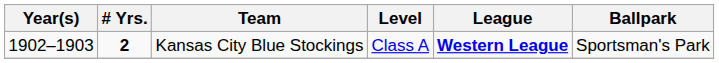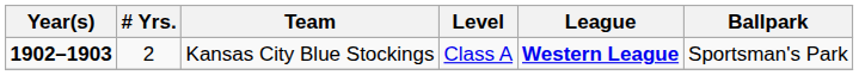 <table class="wikitable" style="text-align:center; font-size: 95%;">
 <tr>
 <th>Year(s)</th>
 <th># Yrs.</th>
 <th>Team</th>
 <th>Level</th>
 <th>League</th>
 <th>Ballpark</th>
 </tr>
 <tr>
-<td>1902–1903</td>
-<td><strong>2</strong></td>
+<td><strong>1902–1903</strong></td>
+<td>2</td>
 <td>Kansas City Blue Stockings</td>
 <td><a href='#'>Class A</a></td>
 <td><strong><a href='#'>Western League</a></strong></td>
 <td>Sportsman's Park</td>
 </tr>
 <tr>
 </tr>
 </table>
